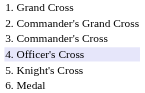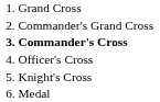 <table>
 <tr>
 <td>1. Grand Cross</td>
 <td></td>
 </tr>
 <tr>
 <td>2. Commander's Grand Cross</td>
 <td></td>
 </tr>
 <tr>
-<td>3. Commander's Cross</td>
+<td><strong>3. Commander's Cross</strong></td>
 <td></td>
 </tr>
 <tr>
-<td style="background: lavender;">4. Officer's Cross</td>
+<td>4. Officer's Cross</td>
 <td></td>
 </tr>
 <tr>
 <td>5. Knight's Cross</td>
 <td></td>
 </tr>
 <tr>
 <td>6. Medal</td>
 <td></td>
 </tr>
 </table>
